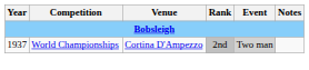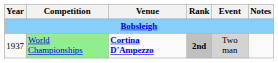 <table class="wikitable" width=50% style="font-size:90%; text-align:center;">
 <tr>
 <th>Year</th>
 <th>Competition</th>
 <th>Venue</th>
 <th>Rank</th>
 <th>Event</th>
 <th>Notes</th>
 </tr>
 <tr>
 <td colspan="7" style="background:LightSkyBlue;"><strong><a href='#'>Bobsleigh</a></strong></td>
 </tr>
 <tr>
 <td>1937</td>
-<td align=left><a href='#'>World Championships</a></td>
-<td align=left> <a href='#'>Cortina D'Ampezzo</a></td>
-<td bgcolor=silver>2nd</td>
+<td align=left style="background: lightgreen;"><a href='#'>World Championships</a></td>
+<td align=left><strong> <a href='#'>Cortina D'Ampezzo</a></strong></td>
+<td bgcolor=silver><strong>2nd</strong></td>
 <td style="background: lightgrey;">Two man</td>
 <td></td>
 </tr>
 </table>
